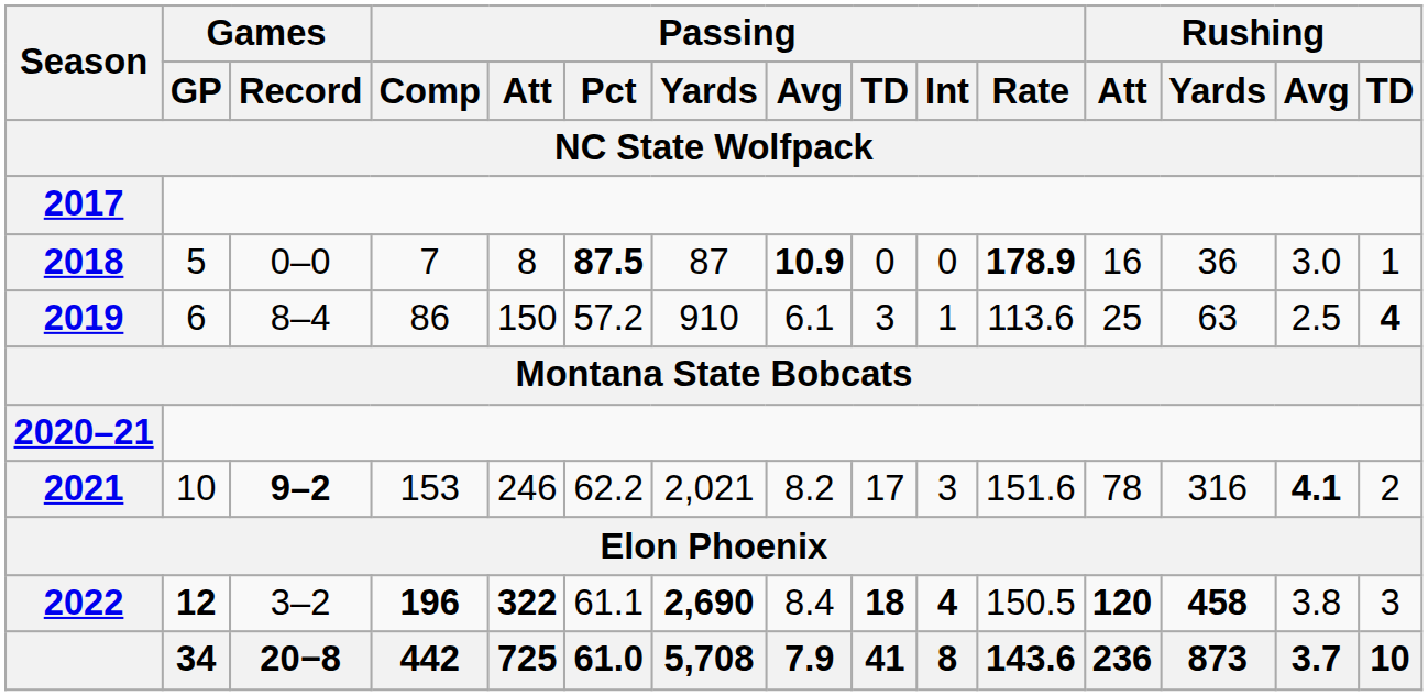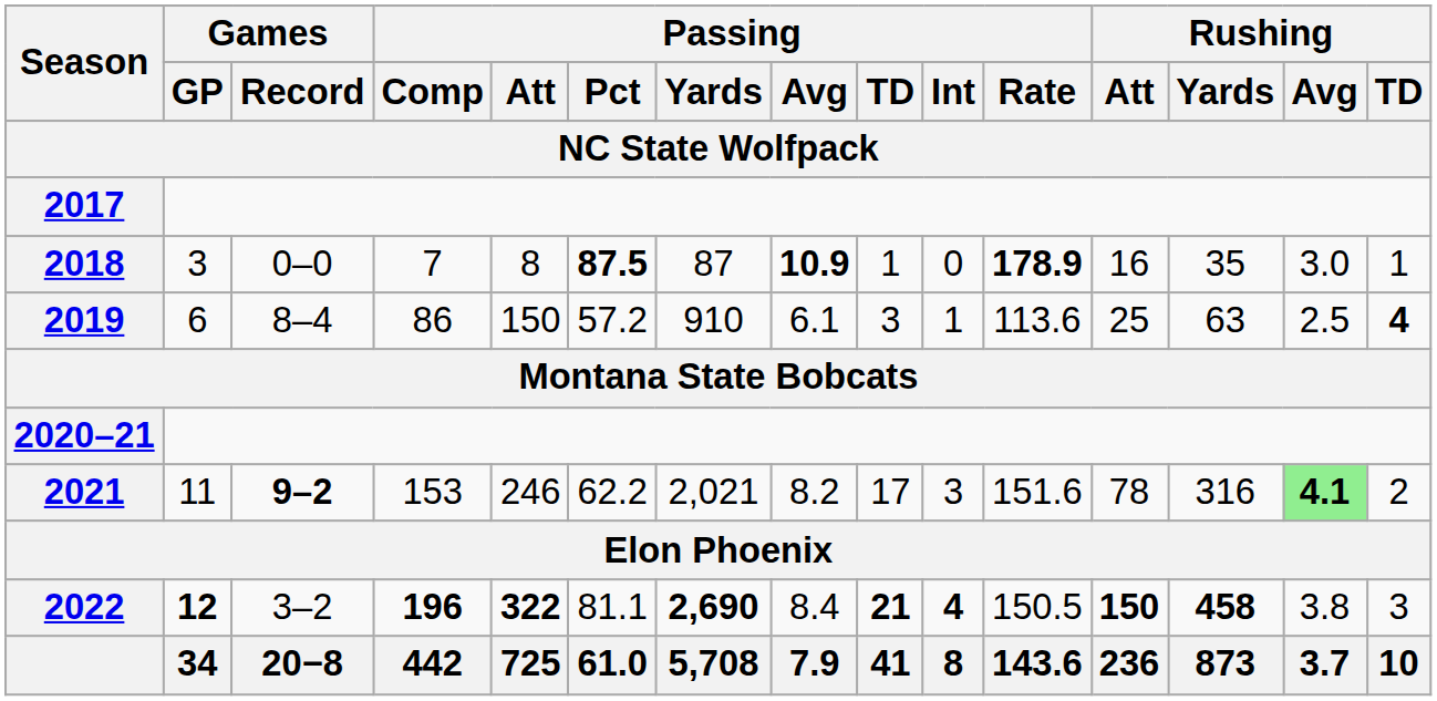 <table class="wikitable" style="text-align:center;">
 <tr>
 <th rowspan="2">Season</th>
 <th colspan="2">Games</th>
 <th colspan="8">Passing</th>
 <th colspan="4">Rushing</th>
 </tr>
 <tr>
 <th>GP</th>
 <th>Record</th>
 <th>Comp</th>
 <th>Att</th>
 <th>Pct</th>
 <th>Yards</th>
 <th>Avg</th>
 <th>TD</th>
 <th>Int</th>
 <th>Rate</th>
 <th>Att</th>
 <th>Yards</th>
 <th>Avg</th>
 <th>TD</th>
 </tr>
 <tr>
 <th colspan="16">NC State Wolfpack</th>
 </tr>
 <tr>
 <th><a href='#'>2017</a></th>
 <td colspan="15"></td>
 </tr>
 <tr>
 <th><a href='#'>2018</a></th>
-<td>5</td>
+<td>3</td>
 <td>0–0</td>
 <td>7</td>
 <td>8</td>
 <td><strong>87.5</strong></td>
 <td>87</td>
 <td><strong>10.9</strong></td>
-<td>0</td>
+<td>1</td>
 <td>0</td>
 <td><strong>178.9</strong></td>
 <td>16</td>
-<td>36</td>
+<td>35</td>
 <td>3.0</td>
 <td>1</td>
 </tr>
 <tr>
 <th><a href='#'>2019</a></th>
 <td>6</td>
 <td>8–4</td>
 <td>86</td>
 <td>150</td>
 <td>57.2</td>
 <td>910</td>
 <td>6.1</td>
 <td>3</td>
 <td>1</td>
 <td>113.6</td>
 <td>25</td>
 <td>63</td>
 <td>2.5</td>
 <td><strong>4</strong></td>
 </tr>
 <tr>
 <th colspan="16">Montana State Bobcats</th>
 </tr>
 <tr>
 <th><a href='#'>2020–21</a></th>
 <td colspan="15"></td>
 </tr>
 <tr>
 <th><a href='#'>2021</a></th>
-<td>10</td>
+<td>11</td>
 <td><strong>9–2</strong></td>
 <td>153</td>
 <td>246</td>
 <td>62.2</td>
 <td>2,021</td>
 <td>8.2</td>
 <td>17</td>
 <td>3</td>
 <td>151.6</td>
 <td>78</td>
 <td>316</td>
-<td><strong>4.1</strong></td>
+<td style="background: lightgreen;"><strong>4.1</strong></td>
 <td>2</td>
 </tr>
 <tr>
 <th colspan="16">Elon Phoenix</th>
 </tr>
 <tr>
 <th><a href='#'>2022</a></th>
 <td><strong>12</strong></td>
 <td>3–2</td>
 <td><strong>196</strong></td>
 <td><strong>322</strong></td>
-<td>61.1</td>
+<td>81.1</td>
 <td><strong>2,690</strong></td>
 <td>8.4</td>
-<td><strong>18</strong></td>
+<td><strong>21</strong></td>
 <td><strong>4</strong></td>
 <td>150.5</td>
-<td><strong>120</strong></td>
+<td><strong>150</strong></td>
 <td><strong>458</strong></td>
 <td>3.8</td>
 <td>3</td>
 </tr>
 <tr>
 <th></th>
 <th>34</th>
 <th>20−8</th>
 <th>442</th>
 <th>725</th>
 <th>61.0</th>
 <th>5,708</th>
 <th>7.9</th>
 <th>41</th>
 <th>8</th>
 <th>143.6</th>
 <th>236</th>
 <th>873</th>
 <th>3.7</th>
 <th>10</th>
 </tr>
 </table>
